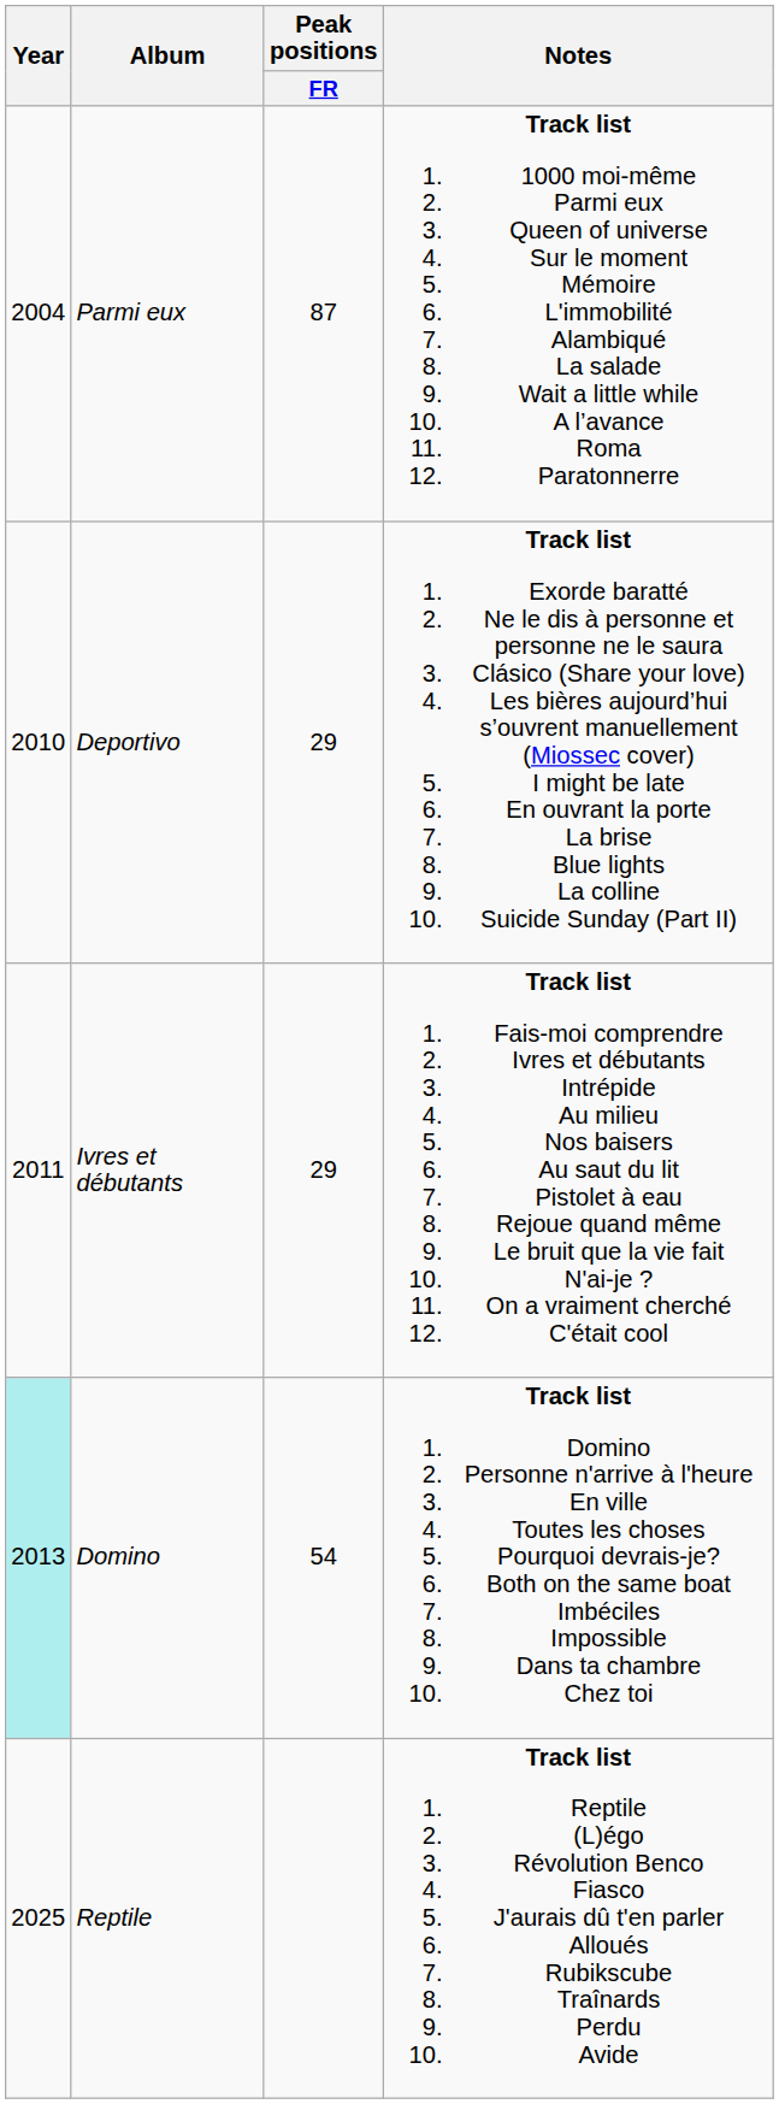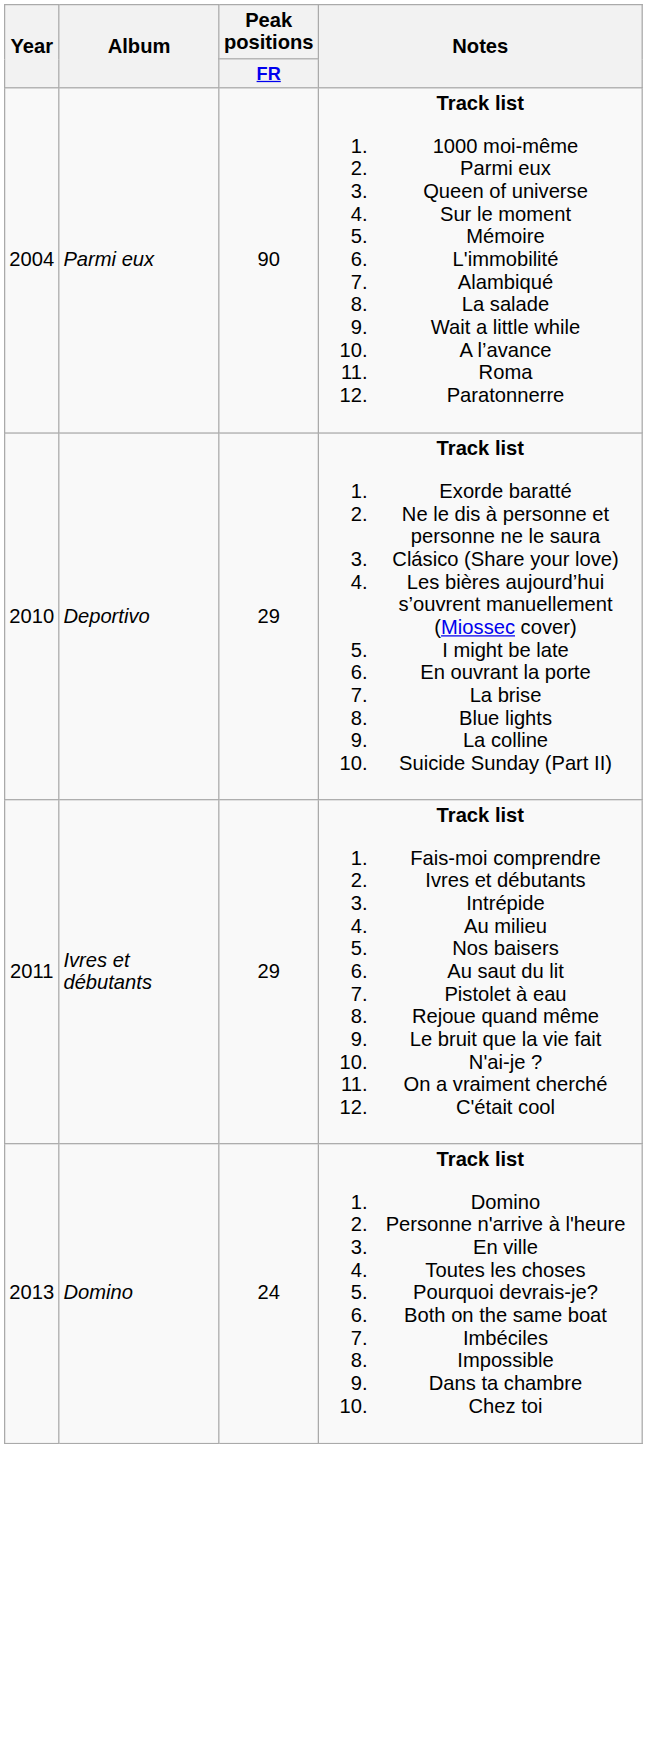 <table class="wikitable">
 <tr>
 <th align="center" rowspan="2" width="10">Year</th>
 <th align="center" rowspan="2" width="120">Album</th>
 <th align="center" colspan="1" width="20">Peak positions</th>
 <th align="center" rowspan="2" width="250">Notes</th>
 </tr>
 <tr>
 <th scope="col" style="width:3em;font-size:90%;"><a href='#'>FR</a><br></th>
 </tr>
 <tr>
 <td style="text-align:center;">2004</td>
 <td><em>Parmi eux</em></td>
-<td style="text-align:center;">87</td>
+<td style="text-align:center;">90</td>
 <td style="text-align:center;"><strong>Track list</strong><br><ol><li>1000 moi-même</li><li>Parmi eux</li><li>Queen of universe</li><li>Sur le moment</li><li>Mémoire</li><li>L'immobilité</li><li>Alambiqué</li><li>La salade</li><li>Wait a little while</li><li>A l’avance</li><li>Roma</li><li>Paratonnerre</li></ol></td>
 </tr>
 <tr>
 <td style="text-align:center;">2010</td>
 <td><em>Deportivo</em></td>
 <td style="text-align:center;">29</td>
 <td style="text-align:center;"><strong>Track list</strong><br><ol><li>Exorde baratté</li><li>Ne le dis à personne et personne ne le saura</li><li>Clásico (Share your love)</li><li>Les bières aujourd’hui s’ouvrent manuellement (<a href='#'>Miossec</a> cover)</li><li>I might be late</li><li>En ouvrant la porte</li><li>La brise</li><li>Blue lights</li><li>La colline</li><li>Suicide Sunday (Part II)</li></ol></td>
 </tr>
 <tr>
 <td style="text-align:center;">2011</td>
 <td><em>Ivres et débutants</em></td>
 <td style="text-align:center;">29</td>
 <td style="text-align:center;"><strong>Track list</strong><br><ol><li>Fais-moi comprendre</li><li>Ivres et débutants</li><li>Intrépide</li><li>Au milieu</li><li>Nos baisers</li><li>Au saut du lit</li><li>Pistolet à eau</li><li>Rejoue quand même</li><li>Le bruit que la vie fait</li><li>N'ai-je ?</li><li>On a vraiment cherché</li><li>C'était cool</li></ol></td>
 </tr>
 <tr>
-<td style="background: paleturquoise; text-align:center;">2013</td>
+<td style="text-align:center;">2013</td>
 <td><em>Domino</em></td>
-<td style="text-align:center;">54</td>
+<td style="text-align:center;">24</td>
 <td style="text-align:center;"><strong>Track list</strong><br><ol><li>Domino</li><li>Personne n'arrive à l'heure</li><li>En ville</li><li>Toutes les choses</li><li>Pourquoi devrais-je?</li><li>Both on the same boat</li><li>Imbéciles</li><li>Impossible</li><li>Dans ta chambre</li><li>Chez toi</li></ol></td>
 </tr>
-<tr>
-<td style="text-align:center;">2025</td>
-<td><em>Reptile</em></td>
-<td style="text-align:center;"></td>
-<td style="text-align:center;"><strong>Track list</strong><br><ol><li>Reptile</li><li>(L)égo</li><li>Révolution Benco</li><li>Fiasco</li><li>J'aurais dû t'en parler</li><li>Alloués</li><li>Rubikscube</li><li>Traînards</li><li>Perdu</li><li>Avide</li></ol></td>
-</tr>
 </table>
